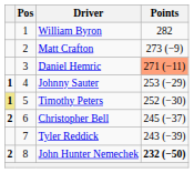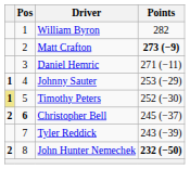 <table class="wikitable" style="font-size: 95%;">
 <tr>
 <th></th>
 <th>Pos</th>
 <th>Driver</th>
 <th>Points</th>
 </tr>
 <tr>
 <td align="left"></td>
 <td style="text-align:center;">1</td>
 <td><a href='#'>William Byron</a></td>
 <td style="text-align:center;">282</td>
 </tr>
 <tr>
 <td align="left"></td>
 <td style="text-align:center;">2</td>
 <td><a href='#'>Matt Crafton</a></td>
-<td style="text-align:center;">273 (−9)</td>
+<td style="text-align:center;"><strong>273 (−9)</strong></td>
 </tr>
 <tr>
 <td align="left"></td>
 <td style="text-align:center;">3</td>
 <td><a href='#'>Daniel Hemric</a></td>
-<td style="background: lightsalmon; text-align:center;">271 (−11)</td>
+<td style="text-align:center;">271 (−11)</td>
 </tr>
 <tr>
 <td align="left"> <strong>1</strong></td>
 <td style="text-align:center;">4</td>
 <td><a href='#'>Johnny Sauter</a></td>
 <td style="text-align:center;">253 (−29)</td>
 </tr>
 <tr>
 <td align="left" style="background: khaki;"> <strong>1</strong></td>
 <td style="text-align:center;">5</td>
 <td><a href='#'>Timothy Peters</a></td>
 <td style="text-align:center;">252 (−30)</td>
 </tr>
 <tr>
 <td align="left"> <strong>2</strong></td>
-<td style="text-align:center;">6</td>
+<td style="text-align:center;"><strong>6</strong></td>
 <td><a href='#'>Christopher Bell</a></td>
 <td style="text-align:center;">245 (−37)</td>
 </tr>
 <tr>
 <td align="left"></td>
 <td style="text-align:center;">7</td>
 <td><a href='#'>Tyler Reddick</a></td>
 <td style="text-align:center;">243 (−39)</td>
 </tr>
 <tr>
 <td align="left"> <strong>2</strong></td>
 <td style="text-align:center;">8</td>
 <td><a href='#'>John Hunter Nemechek</a></td>
 <td style="text-align:center;"><strong>232 (−50)</strong></td>
 </tr>
 <tr class="sortbottom">
 <th colspan="9"></th>
 </tr>
 </table>
